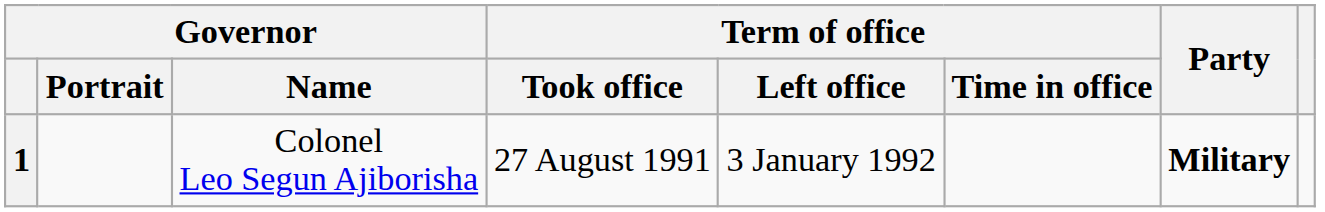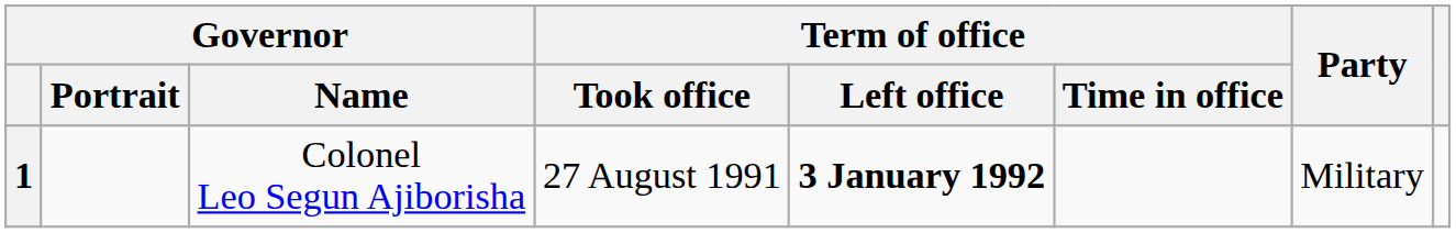 <table class="wikitable" style="text-align:center">
 <tr>
 <th colspan=3>Governor</th>
 <th colspan=3>Term of office</th>
 <th rowspan=2>Party</th>
 <th rowspan=2></th>
 </tr>
 <tr>
 <th></th>
 <th>Portrait</th>
 <th>Name<br></th>
 <th>Took office</th>
 <th>Left office</th>
 <th>Time in office</th>
 </tr>
 <tr>
 <th style="background:">1</th>
 <td></td>
 <td>Colonel<br><a href='#'>Leo Segun Ajiborisha</a></td>
 <td>27 August 1991</td>
-<td>3 January 1992</td>
+<td><strong>3 January 1992</strong></td>
 <td></td>
-<td><strong>Military</strong></td>
+<td>Military</td>
 <td></td>
 </tr>
 </table>
